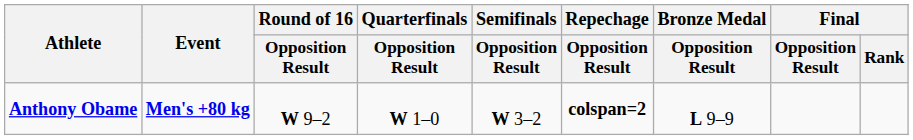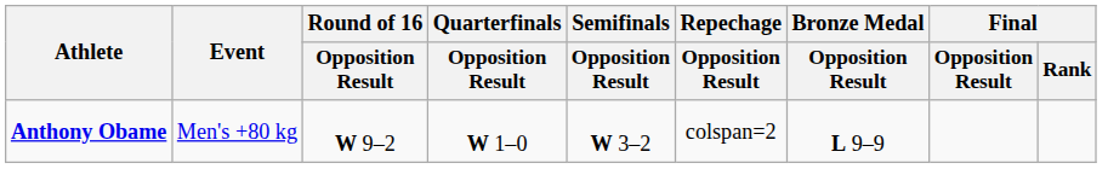 <table class="wikitable" style="font-size:90%">
 <tr>
 <th rowspan="2">Athlete</th>
 <th rowspan="2">Event</th>
 <th>Round of 16</th>
 <th>Quarterfinals</th>
 <th>Semifinals</th>
 <th>Repechage</th>
 <th>Bronze Medal</th>
 <th colspan=2>Final</th>
 </tr>
 <tr style="font-size:95%">
 <th>Opposition<br>Result</th>
 <th>Opposition<br>Result</th>
 <th>Opposition<br>Result</th>
 <th>Opposition<br>Result</th>
 <th>Opposition<br>Result</th>
 <th>Opposition<br>Result</th>
 <th>Rank</th>
 </tr>
 <tr align=center>
 <td align=left><strong><a href='#'>Anthony Obame</a></strong></td>
-<td align=left><strong><a href='#'>Men's +80 kg</a></strong></td>
+<td align=left><a href='#'>Men's +80 kg</a></td>
 <td><br><strong>W</strong> 9–2</td>
 <td><br><strong>W</strong> 1–0 </td>
 <td><br><strong>W</strong> 3–2</td>
-<td><strong>colspan=2 </strong></td>
+<td>colspan=2 </td>
 <td><br><strong>L</strong> 9–9 </td>
 <td></td>
 </tr>
 </table>
